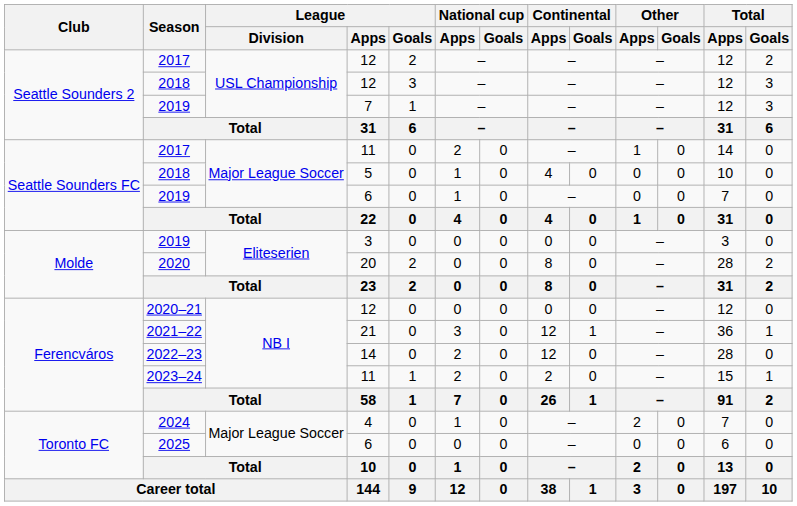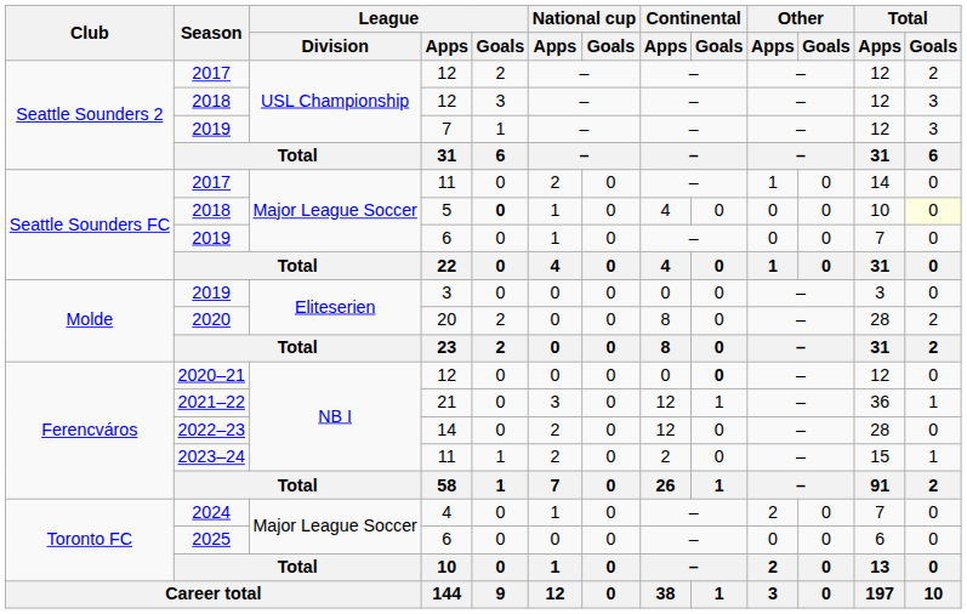 <table class="wikitable" style="text-align: center">
 <tr>
 <th rowspan="2">Club</th>
 <th rowspan="2">Season</th>
 <th colspan="3">League</th>
 <th colspan="2">National cup</th>
 <th colspan="2">Continental</th>
 <th colspan="2">Other</th>
 <th colspan="2">Total</th>
 </tr>
 <tr>
 <th>Division</th>
 <th>Apps</th>
 <th>Goals</th>
 <th>Apps</th>
 <th>Goals</th>
 <th>Apps</th>
 <th>Goals</th>
 <th>Apps</th>
 <th>Goals</th>
 <th>Apps</th>
 <th>Goals</th>
 </tr>
 <tr>
 <td rowspan="4"><a href='#'>Seattle Sounders 2</a></td>
 <td><a href='#'>2017</a></td>
 <td rowspan="3"><a href='#'>USL Championship</a></td>
 <td>12</td>
 <td>2</td>
 <td colspan="2">–</td>
 <td colspan="2">–</td>
 <td colspan="2">–</td>
 <td>12</td>
 <td>2</td>
 </tr>
 <tr>
 <td><a href='#'>2018</a></td>
 <td>12</td>
 <td>3</td>
 <td colspan="2">–</td>
 <td colspan="2">–</td>
 <td colspan="2">–</td>
 <td>12</td>
 <td>3</td>
 </tr>
 <tr>
 <td><a href='#'>2019</a></td>
 <td>7</td>
 <td>1</td>
 <td colspan="2">–</td>
 <td colspan="2">–</td>
 <td colspan="2">–</td>
 <td>12</td>
 <td>3</td>
 </tr>
 <tr>
 <th colspan="2">Total</th>
 <th>31</th>
 <th>6</th>
 <th colspan="2">–</th>
 <th colspan="2">–</th>
 <th colspan="2">–</th>
 <th>31</th>
 <th>6</th>
 </tr>
 <tr>
 <td rowspan="4"><a href='#'>Seattle Sounders FC</a></td>
 <td><a href='#'>2017</a></td>
 <td rowspan="3"><a href='#'>Major League Soccer</a></td>
 <td>11</td>
 <td>0</td>
 <td>2</td>
 <td>0</td>
 <td colspan="2">–</td>
 <td>1</td>
 <td>0</td>
 <td>14</td>
 <td>0</td>
 </tr>
 <tr>
 <td><a href='#'>2018</a></td>
 <td>5</td>
-<td>0</td>
+<td><strong>0</strong></td>
 <td>1</td>
 <td>0</td>
 <td>4</td>
 <td>0</td>
 <td>0</td>
 <td>0</td>
 <td>10</td>
-<td>0</td>
+<td style="background: lightyellow;">0</td>
 </tr>
 <tr>
 <td><a href='#'>2019</a></td>
 <td>6</td>
 <td>0</td>
 <td>1</td>
 <td>0</td>
 <td colspan="2">–</td>
 <td>0</td>
 <td>0</td>
 <td>7</td>
 <td>0</td>
 </tr>
 <tr>
 <th colspan="2">Total</th>
 <th>22</th>
 <th>0</th>
 <th>4</th>
 <th>0</th>
 <th>4</th>
 <th>0</th>
 <th>1</th>
 <th>0</th>
 <th>31</th>
 <th>0</th>
 </tr>
 <tr>
 <td rowspan="3"><a href='#'>Molde</a></td>
 <td><a href='#'>2019</a></td>
 <td rowspan="2"><a href='#'>Eliteserien</a></td>
 <td>3</td>
 <td>0</td>
 <td>0</td>
 <td>0</td>
 <td>0</td>
 <td>0</td>
 <td colspan="2">–</td>
 <td>3</td>
 <td>0</td>
 </tr>
 <tr>
 <td><a href='#'>2020</a></td>
 <td>20</td>
 <td>2</td>
 <td>0</td>
 <td>0</td>
 <td>8</td>
 <td>0</td>
 <td colspan="2">–</td>
 <td>28</td>
 <td>2</td>
 </tr>
 <tr>
 <th colspan="2">Total</th>
 <th>23</th>
 <th>2</th>
 <th>0</th>
 <th>0</th>
 <th>8</th>
 <th>0</th>
 <th colspan="2">–</th>
 <th>31</th>
 <th>2</th>
 </tr>
 <tr>
 <td rowspan="5"><a href='#'>Ferencváros</a></td>
 <td><a href='#'>2020–21</a></td>
 <td rowspan="4"><a href='#'>NB I</a></td>
 <td>12</td>
 <td>0</td>
 <td>0</td>
 <td>0</td>
 <td>0</td>
-<td>0</td>
+<td><strong>0</strong></td>
 <td colspan="2">–</td>
 <td>12</td>
 <td>0</td>
 </tr>
 <tr>
 <td><a href='#'>2021–22</a></td>
 <td>21</td>
 <td>0</td>
 <td>3</td>
 <td>0</td>
 <td>12</td>
 <td>1</td>
 <td colspan="2">–</td>
 <td>36</td>
 <td>1</td>
 </tr>
 <tr>
 <td><a href='#'>2022–23</a></td>
 <td>14</td>
 <td>0</td>
 <td>2</td>
 <td>0</td>
 <td>12</td>
 <td>0</td>
 <td colspan="2">–</td>
 <td>28</td>
 <td>0</td>
 </tr>
 <tr>
 <td><a href='#'>2023–24</a></td>
 <td>11</td>
 <td>1</td>
 <td>2</td>
 <td>0</td>
 <td>2</td>
 <td>0</td>
 <td colspan="2">–</td>
 <td>15</td>
 <td>1</td>
 </tr>
 <tr>
 <th colspan="2">Total</th>
 <th>58</th>
 <th>1</th>
 <th>7</th>
 <th>0</th>
 <th>26</th>
 <th>1</th>
 <th colspan="2">–</th>
 <th>91</th>
 <th>2</th>
 </tr>
 <tr>
 <td rowspan="3"><a href='#'>Toronto FC</a></td>
 <td><a href='#'>2024</a></td>
 <td rowspan="2">Major League Soccer</td>
 <td>4</td>
 <td>0</td>
 <td>1</td>
 <td>0</td>
 <td colspan="2">–</td>
 <td>2</td>
 <td>0</td>
 <td>7</td>
 <td>0</td>
 </tr>
 <tr>
 <td><a href='#'>2025</a></td>
 <td>6</td>
 <td>0</td>
 <td>0</td>
 <td>0</td>
 <td colspan="2">–</td>
 <td>0</td>
 <td>0</td>
 <td>6</td>
 <td>0</td>
 </tr>
 <tr>
 <th colspan="2">Total</th>
 <th>10</th>
 <th>0</th>
 <th>1</th>
 <th>0</th>
 <th colspan="2">–</th>
 <th>2</th>
 <th>0</th>
 <th>13</th>
 <th>0</th>
 </tr>
 <tr>
 <th colspan="3">Career total</th>
 <th>144</th>
 <th>9</th>
 <th>12</th>
 <th>0</th>
 <th>38</th>
 <th>1</th>
 <th>3</th>
 <th>0</th>
 <th>197</th>
 <th>10</th>
 </tr>
 </table>
